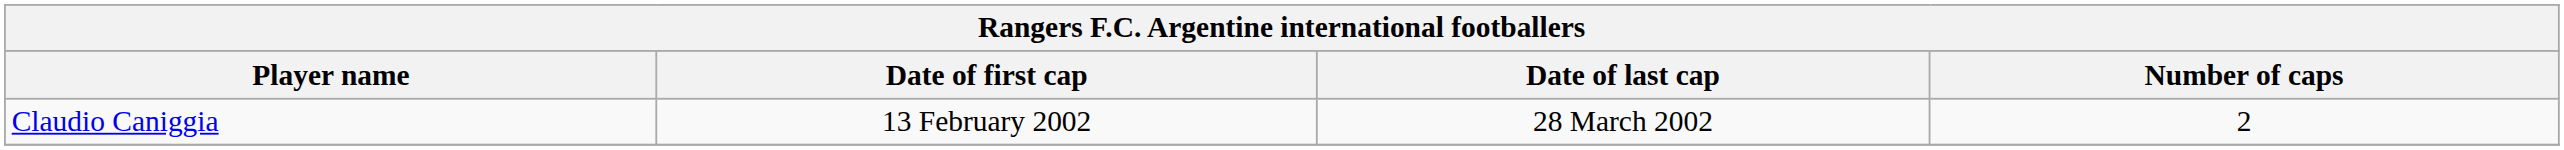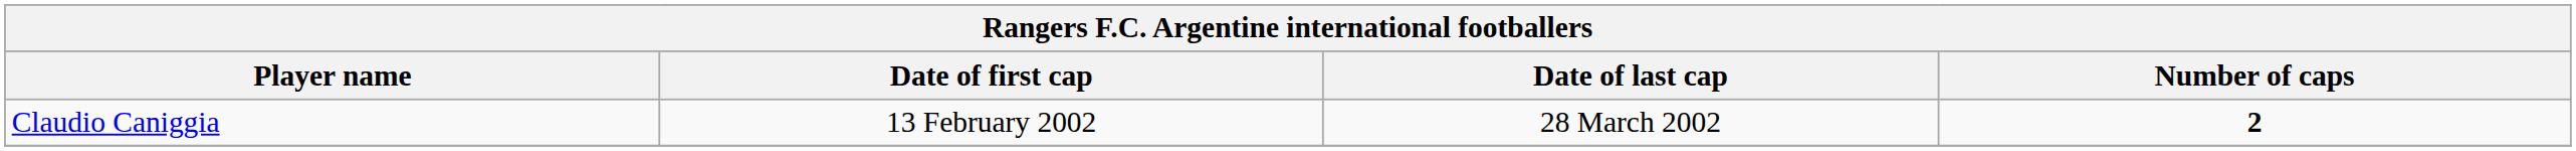 <table class="wikitable plainrowheaders" style="width: 70%;">
 <tr>
 <th colspan=5>Rangers F.C. Argentine international footballers </th>
 </tr>
 <tr>
 <th scope="col">Player name</th>
 <th scope="col">Date of first cap</th>
 <th scope="col">Date of last cap</th>
 <th scope="col">Number of caps</th>
 </tr>
 <tr>
 <td><a href='#'>Claudio Caniggia</a></td>
 <td align="center">13 February 2002</td>
 <td align="center">28 March 2002</td>
-<td align="center">2</td>
+<td align="center"><strong>2</strong></td>
 </tr>
 <tr>
 </tr>
 </table>
